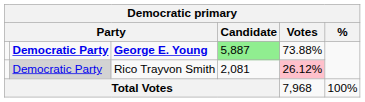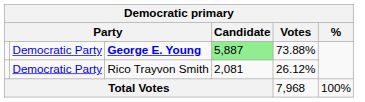 <table class="wikitable">
 <tr>
 <th colspan="6"><strong>Democratic primary</strong></th>
 </tr>
 <tr>
 <th colspan="3">Party</th>
 <th>Candidate</th>
 <th>Votes</th>
 <th>%</th>
 </tr>
 <tr>
 <td></td>
-<td><strong><a href='#'>Democratic Party</a></strong></td>
+<td><a href='#'>Democratic Party</a></td>
 <td><strong><a href='#'>George E. Young</a></strong></td>
 <td style="background: lightgreen;">5,887</td>
 <td>73.88%</td>
 </tr>
 <tr>
 <td></td>
-<td style="background: lightgrey;"><a href='#'>Democratic Party</a></td>
+<td><a href='#'>Democratic Party</a></td>
 <td>Rico Trayvon Smith</td>
 <td>2,081</td>
-<td style="background: pink;">26.12%</td>
+<td>26.12%</td>
 </tr>
 <tr>
 <th colspan="4"><strong>Total Votes</strong></th>
 <td>7,968</td>
 <td>100%</td>
 </tr>
 </table>
